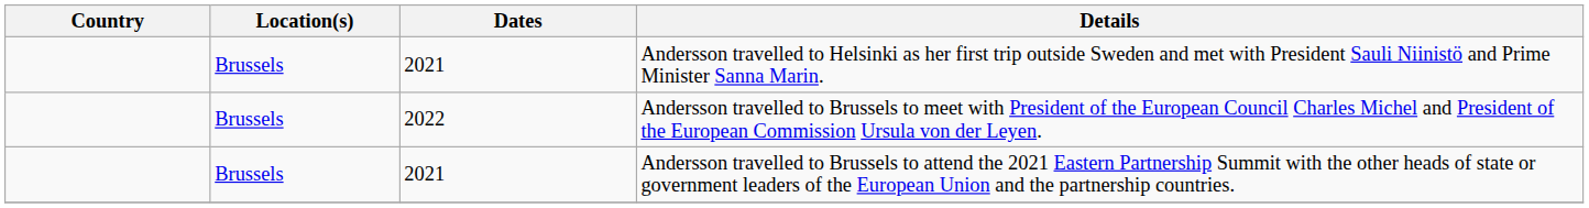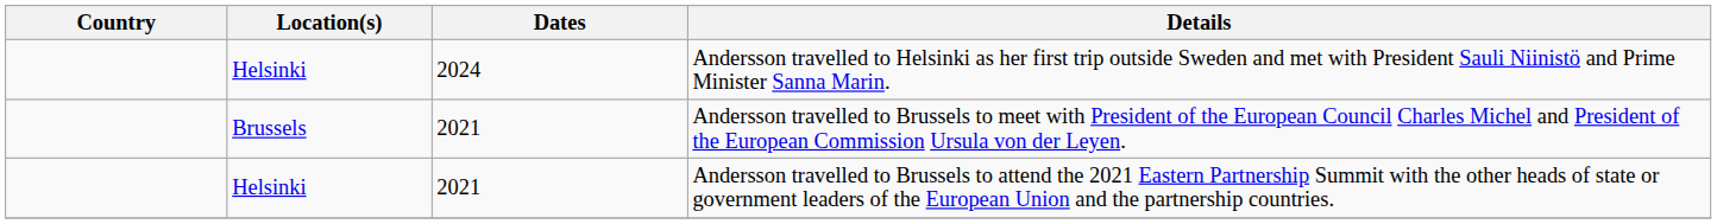 <table class="wikitable sortable" border="1">
 <tr>
 <th style="width: 13%;">Country</th>
 <th style="width: 12%;">Location(s)</th>
 <th style="width: 15%;">Dates</th>
 <th style="width: 60%;" class="unsortable">Details</th>
 </tr>
 <tr>
 <td></td>
-<td><a href='#'>Brussels</a></td>
-<td> 2021</td>
+<td><a href='#'>Helsinki</a></td>
+<td> 2024</td>
 <td>Andersson travelled to Helsinki as her first trip outside Sweden and met with President <a href='#'>Sauli Niinistö</a> and Prime Minister <a href='#'>Sanna Marin</a>.</td>
 </tr>
 <tr>
 <td></td>
 <td><a href='#'>Brussels</a></td>
-<td> 2022</td>
+<td> 2021</td>
 <td>Andersson travelled to Brussels to meet with <a href='#'>President of the European Council</a> <a href='#'>Charles Michel</a> and <a href='#'>President of the European Commission</a> <a href='#'>Ursula von der Leyen</a>.</td>
 </tr>
 <tr>
 <td></td>
-<td><a href='#'>Brussels</a></td>
+<td><a href='#'>Helsinki</a></td>
 <td> 2021</td>
 <td>Andersson travelled to Brussels to attend the 2021 <a href='#'>Eastern Partnership</a> Summit with the other heads of state or government leaders of the <a href='#'>European Union</a> and the partnership countries.</td>
 </tr>
 <tr>
 </tr>
 </table>
